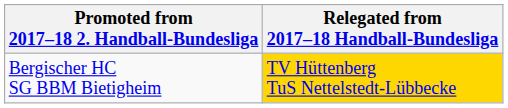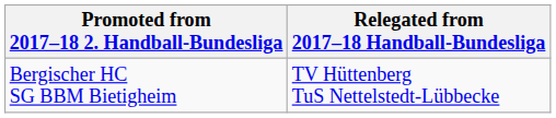 <table class="wikitable">
 <tr>
 <th>Promoted from<br><a href='#'>2017–18 2. Handball-Bundesliga</a></th>
 <th>Relegated from<br><a href='#'>2017–18 Handball-Bundesliga</a></th>
 </tr>
 <tr>
 <td><a href='#'>Bergischer HC</a><br><a href='#'>SG BBM Bietigheim</a></td>
-<td style="background: gold;"><a href='#'>TV Hüttenberg</a><br><a href='#'>TuS Nettelstedt-Lübbecke</a></td>
+<td><a href='#'>TV Hüttenberg</a><br><a href='#'>TuS Nettelstedt-Lübbecke</a></td>
 </tr>
 </table>
